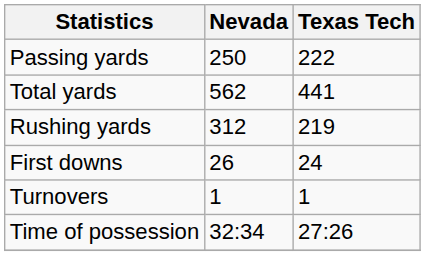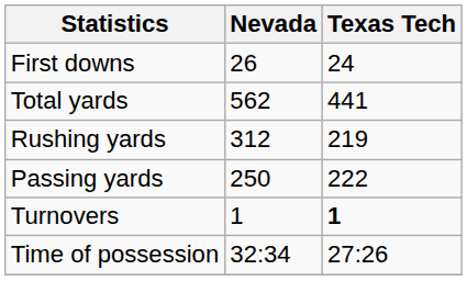 <table class="wikitable">
 <tr>
 <th>Statistics</th>
 <th>Nevada</th>
 <th>Texas Tech</th>
 </tr>
 <tr>
-<td>Passing yards</td>
-<td>250</td>
-<td>222</td>
+<td>First downs</td>
+<td>26</td>
+<td>24</td>
 </tr>
 <tr>
 <td>Total yards</td>
 <td>562</td>
 <td>441</td>
 </tr>
 <tr>
 <td>Rushing yards</td>
 <td>312</td>
 <td>219</td>
 </tr>
 <tr>
-<td>First downs</td>
-<td>26</td>
-<td>24</td>
+<td>Passing yards</td>
+<td>250</td>
+<td>222</td>
 </tr>
 <tr>
 <td>Turnovers</td>
 <td>1</td>
-<td>1</td>
+<td><strong>1</strong></td>
 </tr>
 <tr>
 <td>Time of possession</td>
 <td>32:34</td>
 <td>27:26</td>
 </tr>
 <tr>
 </tr>
 </table>
